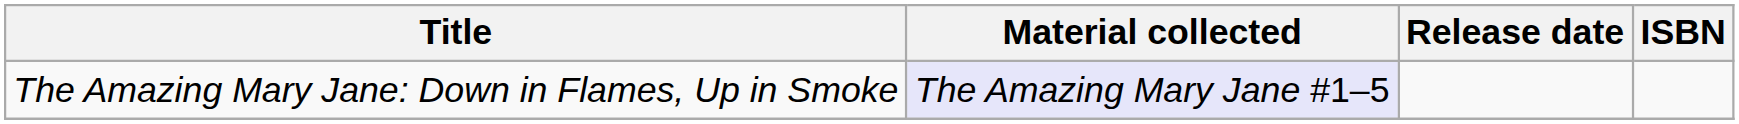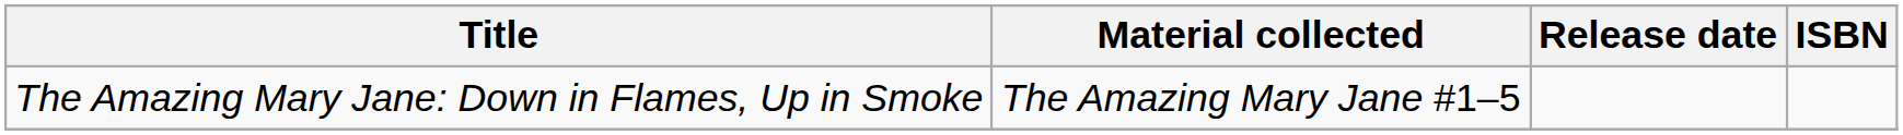 <table class="wikitable sortable">
 <tr>
 <th>Title</th>
 <th>Material collected</th>
 <th>Release date</th>
 <th>ISBN</th>
 </tr>
 <tr>
 <td><em>The Amazing Mary Jane: Down in Flames, Up in Smoke</em></td>
-<td style="background: lavender;"><em>The Amazing Mary Jane</em> #1–5</td>
+<td><em>The Amazing Mary Jane</em> #1–5</td>
 <td></td>
 <td></td>
 </tr>
 <tr>
 </tr>
 </table>
